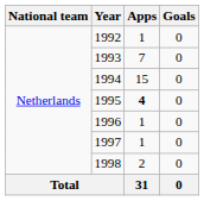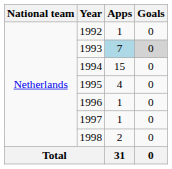 <table class="wikitable" style="text-align:center">
 <tr>
 <th>National team</th>
 <th>Year</th>
 <th>Apps</th>
 <th>Goals</th>
 </tr>
 <tr>
 <td rowspan="7"><a href='#'>Netherlands</a></td>
 <td>1992</td>
 <td>1</td>
 <td>0</td>
 </tr>
 <tr>
 <td>1993</td>
-<td>7</td>
-<td>0</td>
+<td style="background: lightblue;">7</td>
+<td style="background: lightgrey;">0</td>
 </tr>
 <tr>
 <td>1994</td>
 <td>15</td>
 <td>0</td>
 </tr>
 <tr>
 <td>1995</td>
-<td><strong>4</strong></td>
+<td>4</td>
 <td>0</td>
 </tr>
 <tr>
 <td>1996</td>
 <td>1</td>
 <td>0</td>
 </tr>
 <tr>
 <td>1997</td>
 <td>1</td>
 <td>0</td>
 </tr>
 <tr>
 <td>1998</td>
 <td>2</td>
 <td>0</td>
 </tr>
 <tr>
 <th colspan="2">Total</th>
 <th>31</th>
 <th>0</th>
 </tr>
 </table>
